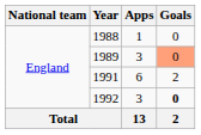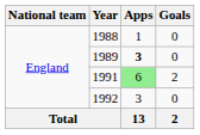 <table class="wikitable" style="text-align:center">
 <tr>
 <th>National team</th>
 <th>Year</th>
 <th>Apps</th>
 <th>Goals</th>
 </tr>
 <tr>
 <td rowspan="4"><a href='#'>England</a></td>
 <td>1988</td>
 <td>1</td>
 <td>0</td>
 </tr>
 <tr>
 <td>1989</td>
-<td>3</td>
-<td style="background: lightsalmon;">0</td>
+<td><strong>3</strong></td>
+<td>0</td>
 </tr>
 <tr>
 <td>1991</td>
-<td>6</td>
+<td style="background: lightgreen;">6</td>
 <td>2</td>
 </tr>
 <tr>
 <td>1992</td>
 <td>3</td>
-<td><strong>0</strong></td>
+<td>0</td>
 </tr>
 <tr>
 <th colspan="2">Total</th>
 <th>13</th>
 <th>2</th>
 </tr>
 </table>
